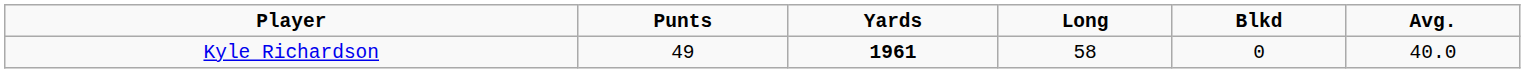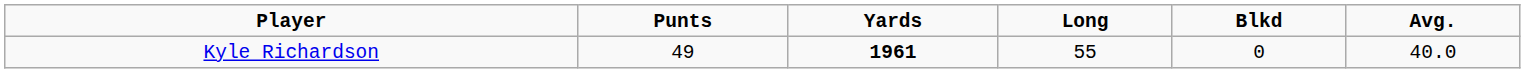 <table class="wikitable" style="width:80%;">
 <tr style="text-align:center; ">
 <td><strong>Player</strong></td>
 <td><strong>Punts</strong></td>
 <td><strong>Yards</strong></td>
 <td><strong>Long</strong></td>
 <td><strong>Blkd</strong></td>
 <td><strong>Avg.</strong></td>
 </tr>
 <tr style="text-align:center;" bgcolor="">
 <td><a href='#'>Kyle Richardson</a></td>
 <td>49</td>
 <td><strong>1961</strong></td>
-<td>58</td>
+<td>55</td>
 <td>0</td>
 <td>40.0</td>
 </tr>
 </table>
